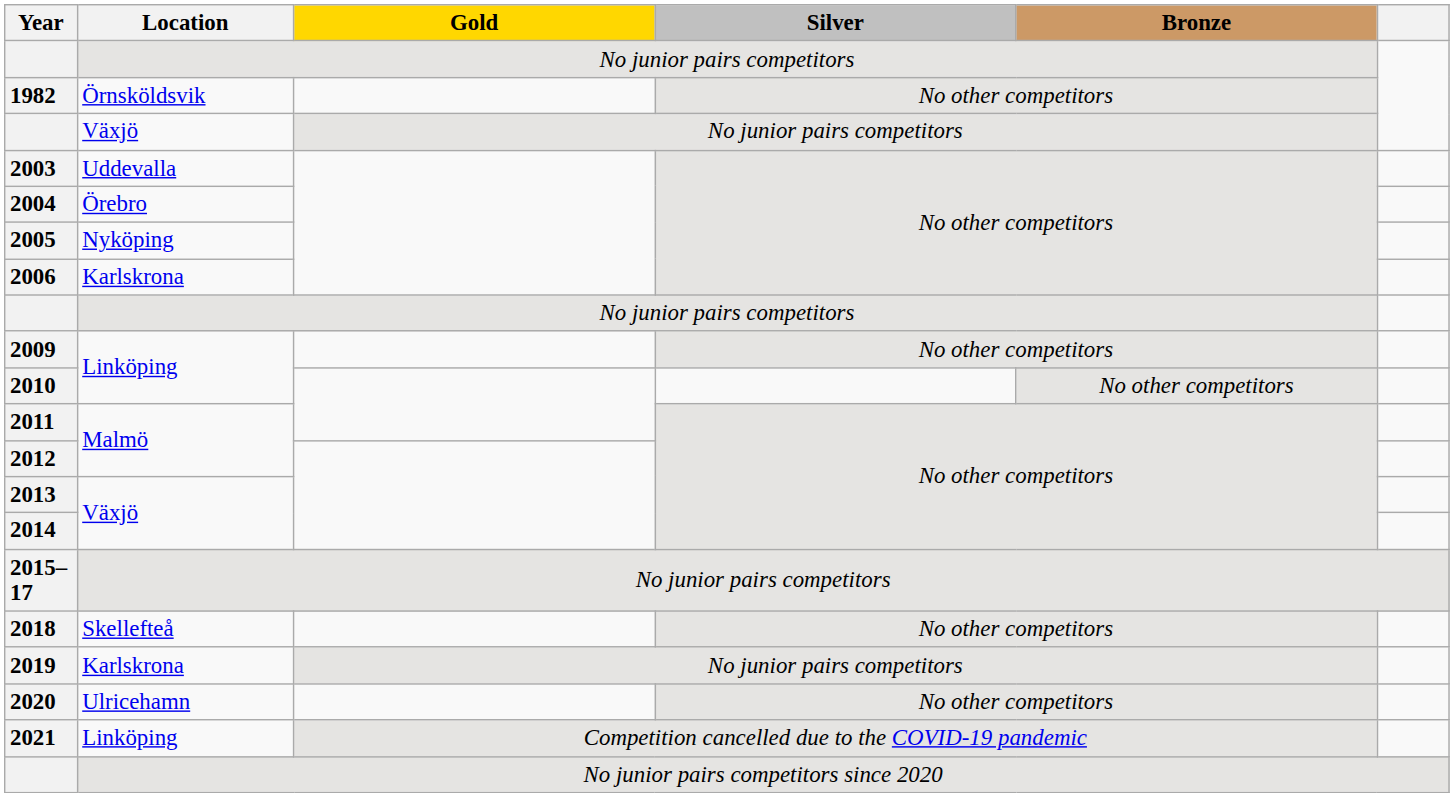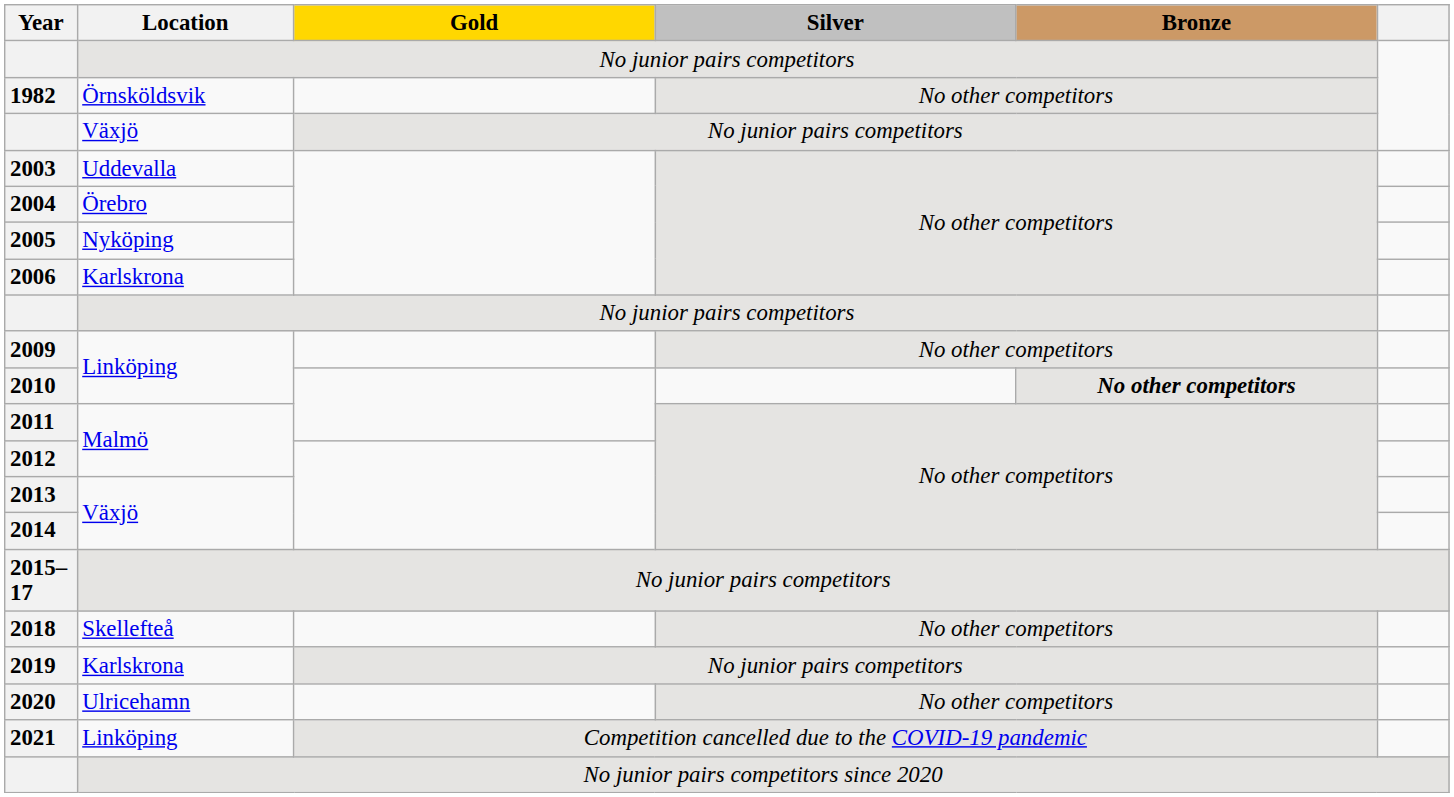 <table class="wikitable unsortable" style="text-align:left; width:80%">
 <tr>
 <th scope="col" style="text-align:center; width:5%">Year</th>
 <th scope="col" style="text-align:center; width:15%">Location</th>
 <th scope="col" style="text-align:center; width:25%; background:gold">Gold</th>
 <th scope="col" style="text-align:center; width:25%; background:silver">Silver</th>
 <th scope="col" style="text-align:center; width:25%; background:#c96">Bronze</th>
 <th scope="col" style="text-align:center; width:5%"></th>
 </tr>
 <tr>
 <th scope="row" style="text-align:left"></th>
 <td colspan="4" align="center" bgcolor="e5e4e2"><em>No junior pairs competitors</em></td>
 <td rowspan="3"></td>
 </tr>
 <tr>
 <th scope="row" style="text-align:left">1982</th>
 <td><a href='#'>Örnsköldsvik</a></td>
 <td></td>
 <td colspan="2" align="center" bgcolor="e5e4e2"><em>No other competitors</em></td>
 </tr>
 <tr>
 <th scope="row" style="text-align:left"></th>
 <td><a href='#'>Växjö</a></td>
 <td colspan="3" align="center" bgcolor="e5e4e2"><em>No junior pairs competitors</em></td>
 </tr>
 <tr>
 <th scope="row" style="text-align:left">2003</th>
 <td><a href='#'>Uddevalla</a></td>
 <td rowspan="4"></td>
 <td colspan="2" rowspan="4" align="center" bgcolor="e5e4e2"><em>No other competitors</em></td>
 <td></td>
 </tr>
 <tr>
 <th scope="row" style="text-align:left">2004</th>
 <td><a href='#'>Örebro</a></td>
 <td></td>
 </tr>
 <tr>
 <th scope="row" style="text-align:left">2005</th>
 <td><a href='#'>Nyköping</a></td>
 <td></td>
 </tr>
 <tr>
 <th scope="row" style="text-align:left">2006</th>
 <td><a href='#'>Karlskrona</a></td>
 <td></td>
 </tr>
 <tr>
 <th scope="row" style="text-align:left"></th>
 <td colspan="4" align="center" bgcolor="e5e4e2"><em>No junior pairs competitors</em></td>
 <td></td>
 </tr>
 <tr>
 <th scope="row" style="text-align:left">2009</th>
 <td rowspan="2"><a href='#'>Linköping</a></td>
 <td></td>
 <td colspan="2" align="center" bgcolor="e5e4e2"><em>No other competitors</em></td>
 <td></td>
 </tr>
 <tr>
 <th scope="row" style="text-align:left">2010</th>
 <td rowspan="2"></td>
 <td></td>
-<td align="center" bgcolor="e5e4e2"><em>No other competitors</em></td>
+<td align="center" bgcolor="e5e4e2"><strong><em>No other competitors</em></strong></td>
 <td></td>
 </tr>
 <tr>
 <th scope="row" style="text-align:left">2011</th>
 <td rowspan="2"><a href='#'>Malmö</a></td>
 <td colspan="2" rowspan="4" align="center" bgcolor="e5e4e2"><em>No other competitors</em></td>
 <td></td>
 </tr>
 <tr>
 <th scope="row" style="text-align:left">2012</th>
 <td rowspan="3"></td>
 <td></td>
 </tr>
 <tr>
 <th scope="row" style="text-align:left">2013</th>
 <td rowspan="2"><a href='#'>Växjö</a></td>
 <td></td>
 </tr>
 <tr>
 <th scope="row" style="text-align:left">2014</th>
 <td></td>
 </tr>
 <tr>
 <th scope="row" style="text-align:left">2015–17</th>
 <td colspan="5" align="center" bgcolor="e5e4e2"><em>No junior pairs competitors</em></td>
 </tr>
 <tr>
 <th scope="row" style="text-align:left">2018</th>
 <td><a href='#'>Skellefteå</a></td>
 <td></td>
 <td colspan="2" align="center" bgcolor="e5e4e2"><em>No other competitors</em></td>
 <td></td>
 </tr>
 <tr>
 <th scope="row" style="text-align:left">2019</th>
 <td><a href='#'>Karlskrona</a></td>
 <td colspan="3" align="center" bgcolor="e5e4e2"><em>No junior pairs competitors</em></td>
 <td></td>
 </tr>
 <tr>
 <th scope="row" style="text-align:left">2020</th>
 <td><a href='#'>Ulricehamn</a></td>
 <td></td>
 <td colspan="2" align="center" bgcolor="e5e4e2"><em>No other competitors</em></td>
 <td></td>
 </tr>
 <tr>
 <th scope="row" style="text-align:left">2021</th>
 <td><a href='#'>Linköping</a></td>
 <td colspan="3" align="center" bgcolor="e5e4e2"><em>Competition cancelled due to the <a href='#'>COVID-19 pandemic</a></em></td>
 <td></td>
 </tr>
 <tr>
 <th scope="row" style="text-align:left"></th>
 <td colspan="5" align="center" bgcolor="e5e4e2"><em>No junior pairs competitors since 2020</em></td>
 </tr>
 </table>
